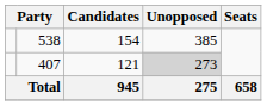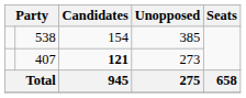 <table class="wikitable">
 <tr>
 <th colspan=2>Party</th>
 <th>Candidates</th>
 <th>Unopposed</th>
 <th>Seats</th>
 </tr>
 <tr>
 <td></td>
 <td align=right>538</td>
 <td align=right>154</td>
 <td align=right>385</td>
 </tr>
 <tr>
 <td></td>
 <td align=right>407</td>
-<td align=right>121</td>
-<td align=right style="background: lightgrey;">273</td>
+<td align=right><strong>121</strong></td>
+<td align=right>273</td>
 </tr>
 <tr class="sortbottom" style="font-weight: bold; text-align: right; background: #f2f2f2;">
 <th colspan="2" style="padding-left: 1.5em; text-align: left;">Total</th>
 <td>945</td>
 <td>275</td>
 <td>658</td>
 </tr>
 <tr>
 </tr>
 </table>
